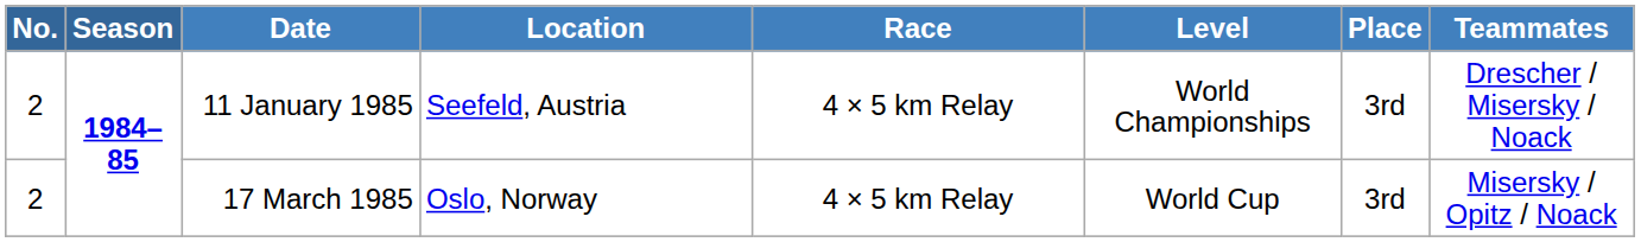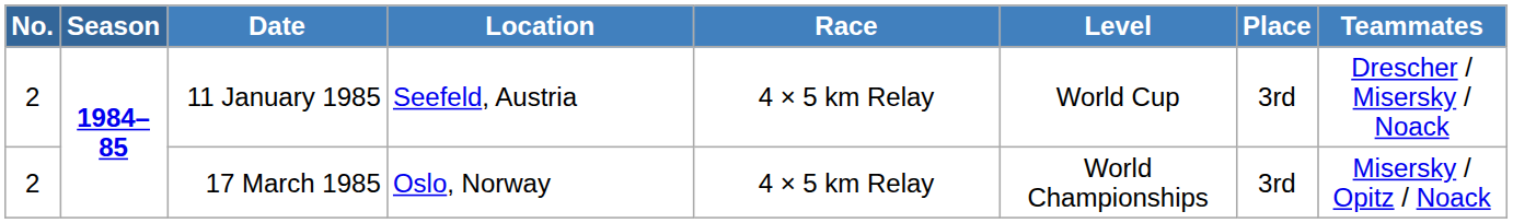 <table class="wikitable sortable" style="font-size:95%; text-align:center; border:grey solid 1px; border-collapse:collapse; background:#ffffff;">
 <tr style="background:#efefef;">
 <th style="background-color:#369; color:white;">No.</th>
 <th style="background-color:#369; color:white;">Season</th>
 <th style="background-color:#4180be; color:white; width:120px;">Date</th>
 <th style="background-color:#4180be; color:white; width:170px;">Location</th>
 <th style="background-color:#4180be; color:white; width:170px;">Race</th>
 <th style="background-color:#4180be; color:white; width:130px;">Level</th>
 <th style="background-color:#4180be; color:white;">Place</th>
 <th style="background-color:#4180be; color:white;">Teammates</th>
 </tr>
 <tr>
 <td align=center>2</td>
 <td rowspan=2 align=center><strong><a href='#'>1984–85</a></strong></td>
 <td align=right>11 January 1985</td>
 <td align=left> <a href='#'>Seefeld</a>, Austria</td>
 <td>4 × 5 km Relay</td>
-<td>World Championships</td>
+<td>World Cup</td>
 <td>3rd</td>
 <td><a href='#'>Drescher</a> / <a href='#'>Misersky</a> / <a href='#'>Noack</a></td>
 </tr>
 <tr>
 <td align=center>2</td>
 <td align=right>17 March 1985</td>
 <td align=left> <a href='#'>Oslo</a>, Norway</td>
 <td>4 × 5 km Relay</td>
-<td>World Cup</td>
+<td>World Championships</td>
 <td>3rd</td>
 <td><a href='#'>Misersky</a> / <a href='#'>Opitz</a> / <a href='#'>Noack</a></td>
 </tr>
 </table>
